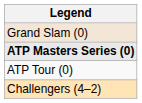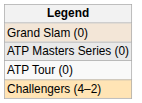 <table class=wikitable>
 <tr>
 <th>Legend</th>
 </tr>
 <tr style="background:#f3e6d7;">
 <td>Grand Slam (0)</td>
 </tr>
 <tr style="background:#e9e9e9;">
-<td><strong>ATP Masters Series (0)</strong></td>
+<td>ATP Masters Series (0)</td>
 </tr>
 <tr>
 <td>ATP Tour (0)</td>
 </tr>
 <tr bgcolor=moccasin>
 <td>Challengers (4–2)</td>
 </tr>
 </table>
